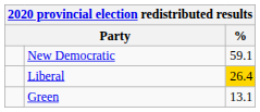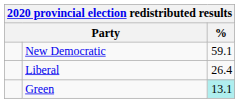 <table class="wikitable">
 <tr>
 <th colspan="4"><a href='#'>2020 provincial election</a> redistributed results</th>
 </tr>
 <tr>
 <th bgcolor="#DDDDFF" width="130px" colspan="2">Party</th>
 <th bgcolor="#DDDDFF" width="30px">%</th>
 </tr>
 <tr>
 <td> </td>
 <td><a href='#'>New Democratic</a></td>
 <td align=right>59.1</td>
 </tr>
 <tr>
 <td> </td>
 <td><a href='#'>Liberal</a></td>
-<td align=right style="background: gold;">26.4</td>
+<td align=right>26.4</td>
 </tr>
 <tr>
 <td> </td>
 <td><a href='#'>Green</a></td>
-<td align=right>13.1</td>
+<td align=right style="background: paleturquoise;">13.1</td>
 </tr>
 </table>
